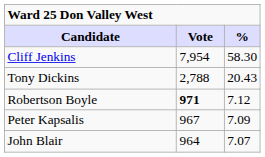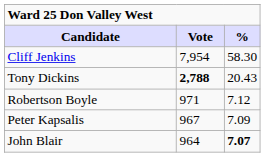 <table class="wikitable plainrowheaders">
 <tr>
 <td colspan="3"><strong>Ward 25 Don Valley West</strong></td>
 </tr>
 <tr>
 <th style="background:#ddf; width:200px;">Candidate</th>
 <th style="background:#ddf; width:50px;">Vote</th>
 <th style="background:#ddf; width:30px;">%</th>
 </tr>
 <tr>
 <td><a href='#'>Cliff Jenkins</a></td>
 <td>7,954</td>
 <td>58.30</td>
 </tr>
 <tr>
 <td>Tony Dickins</td>
-<td>2,788</td>
+<td><strong>2,788</strong></td>
 <td>20.43</td>
 </tr>
 <tr>
 <td>Robertson Boyle</td>
-<td><strong>971</strong></td>
+<td>971</td>
 <td>7.12</td>
 </tr>
 <tr>
 <td>Peter Kapsalis</td>
 <td>967</td>
 <td>7.09</td>
 </tr>
 <tr>
 <td>John Blair</td>
 <td>964</td>
-<td>7.07</td>
+<td><strong>7.07</strong></td>
 </tr>
 </table>
